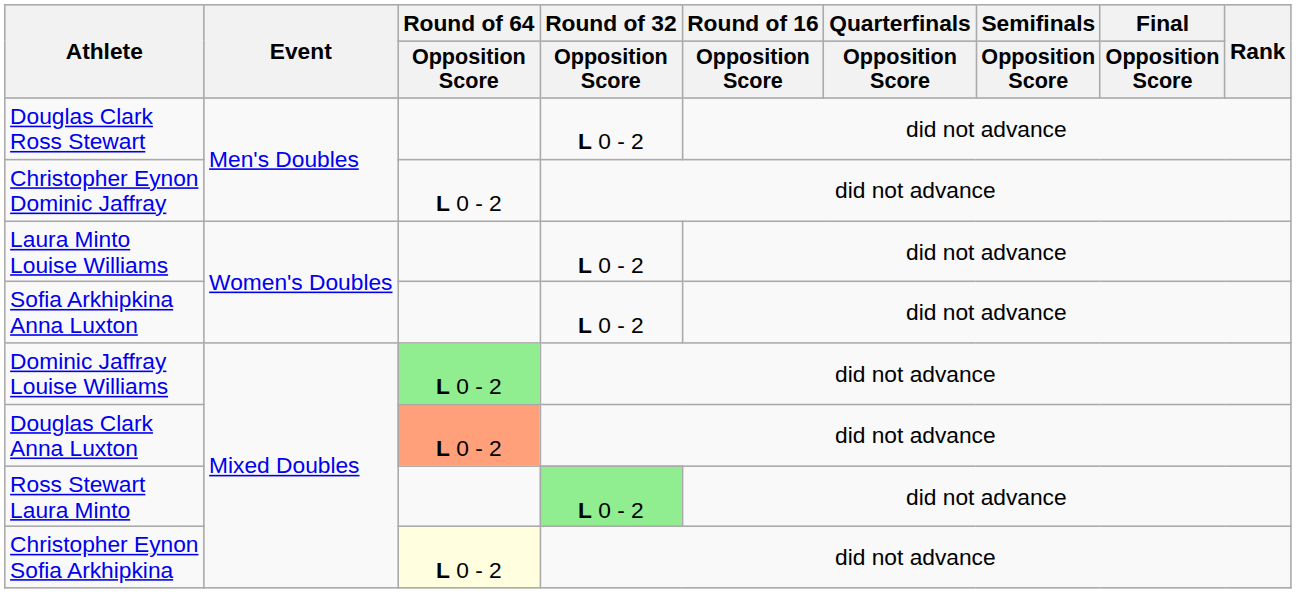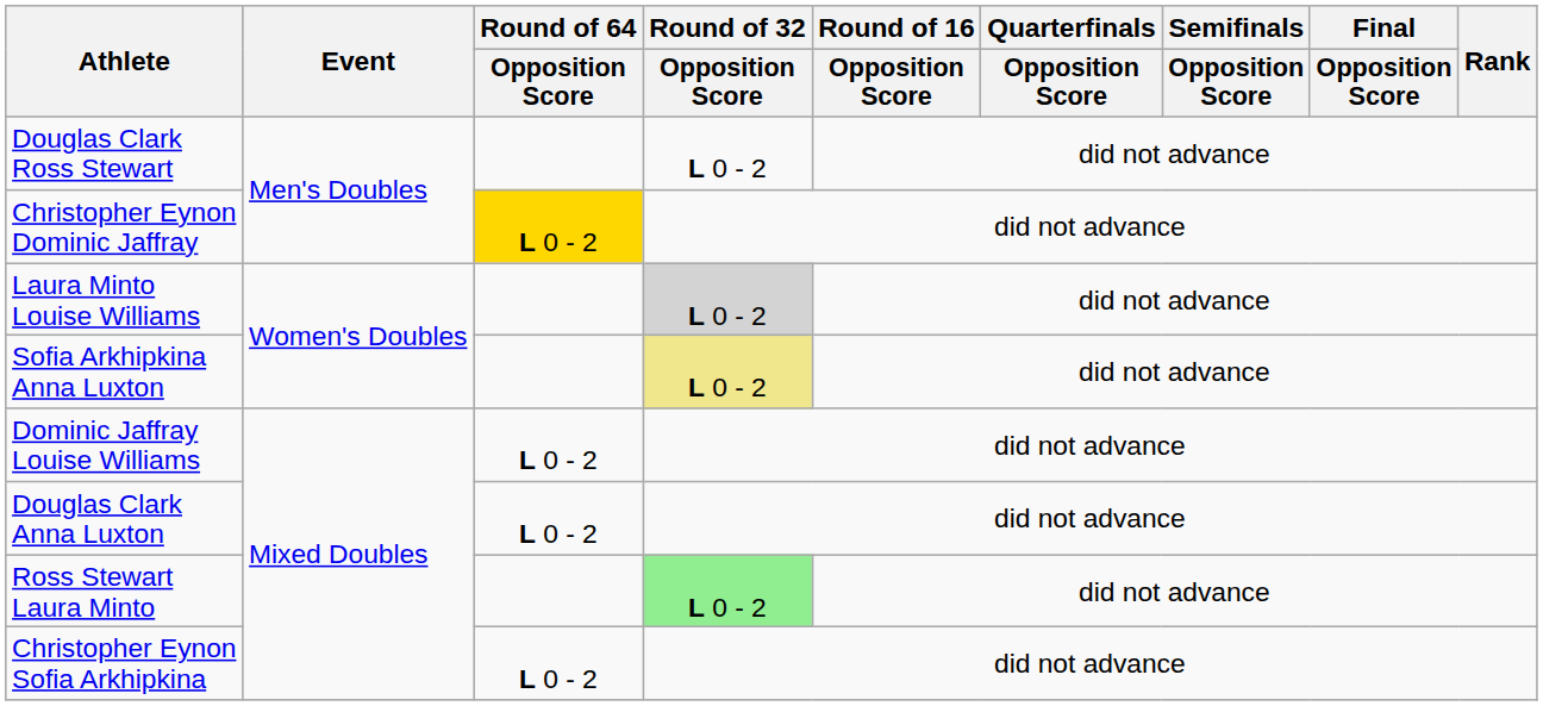 <table class=wikitable style="font-size:90%">
 <tr>
 <th rowspan="2">Athlete</th>
 <th rowspan="2">Event</th>
 <th>Round of 64</th>
 <th>Round of 32</th>
 <th>Round of 16</th>
 <th>Quarterfinals</th>
 <th>Semifinals</th>
 <th>Final</th>
 <th rowspan=2>Rank</th>
 </tr>
 <tr style="font-size:95%">
 <th>Opposition<br>Score</th>
 <th>Opposition<br>Score</th>
 <th>Opposition<br>Score</th>
 <th>Opposition<br>Score</th>
 <th>Opposition<br>Score</th>
 <th>Opposition<br>Score</th>
 </tr>
 <tr align=center>
 <td align=left><a href='#'>Douglas Clark</a><br><a href='#'>Ross Stewart</a></td>
 <td align=left rowspan=2><a href='#'>Men's Doubles</a></td>
 <td></td>
 <td><br><strong>L</strong> 0 - 2</td>
 <td colspan=5>did not advance</td>
 </tr>
 <tr align=center>
 <td align=left><a href='#'>Christopher Eynon</a><br><a href='#'>Dominic Jaffray</a></td>
-<td><br><strong>L</strong> 0 - 2</td>
+<td style="background: gold;"><br><strong>L</strong> 0 - 2</td>
 <td colspan=6>did not advance</td>
 </tr>
 <tr align=center>
 <td align=left><a href='#'>Laura Minto</a><br><a href='#'>Louise Williams</a></td>
 <td align=left rowspan=2><a href='#'>Women's Doubles</a></td>
 <td></td>
-<td><br><strong>L</strong> 0 - 2</td>
+<td style="background: lightgrey;"><br><strong>L</strong> 0 - 2</td>
 <td colspan=5>did not advance</td>
 </tr>
 <tr align=center>
 <td align=left><a href='#'>Sofia Arkhipkina</a><br><a href='#'>Anna Luxton</a></td>
 <td></td>
-<td><br><strong>L</strong> 0 - 2</td>
+<td style="background: khaki;"><br><strong>L</strong> 0 - 2</td>
 <td colspan=5>did not advance</td>
 </tr>
 <tr align=center>
 <td align=left><a href='#'>Dominic Jaffray</a><br><a href='#'>Louise Williams</a></td>
 <td align=left rowspan=4><a href='#'>Mixed Doubles</a></td>
-<td style="background: lightgreen;"><br><strong>L</strong> 0 - 2</td>
+<td><br><strong>L</strong> 0 - 2</td>
 <td colspan=6>did not advance</td>
 </tr>
 <tr align=center>
 <td align=left><a href='#'>Douglas Clark</a><br><a href='#'>Anna Luxton</a></td>
-<td style="background: lightsalmon;"><br><strong>L</strong> 0 - 2</td>
+<td><br><strong>L</strong> 0 - 2</td>
 <td colspan=6>did not advance</td>
 </tr>
 <tr align=center>
 <td align=left><a href='#'>Ross Stewart</a><br><a href='#'>Laura Minto</a></td>
 <td></td>
 <td style="background: lightgreen;"><br><strong>L</strong> 0 - 2</td>
 <td colspan=5>did not advance</td>
 </tr>
 <tr align=center>
 <td align=left><a href='#'>Christopher Eynon</a><br><a href='#'>Sofia Arkhipkina</a></td>
-<td style="background: lightyellow;"><br><strong>L</strong> 0 - 2</td>
+<td><br><strong>L</strong> 0 - 2</td>
 <td colspan=6>did not advance</td>
 </tr>
 </table>
